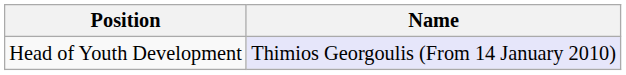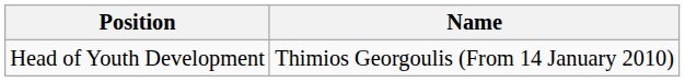 <table class="wikitable" style="text-align: center;">
 <tr>
 <th>Position</th>
 <th>Name</th>
 </tr>
 <tr>
 <td>Head of Youth Development</td>
-<td style="background: lavender; text-align:left;">Thimios Georgoulis (From 14 January 2010)</td>
+<td style="text-align:left;">Thimios Georgoulis (From 14 January 2010)</td>
 </tr>
 </table>
